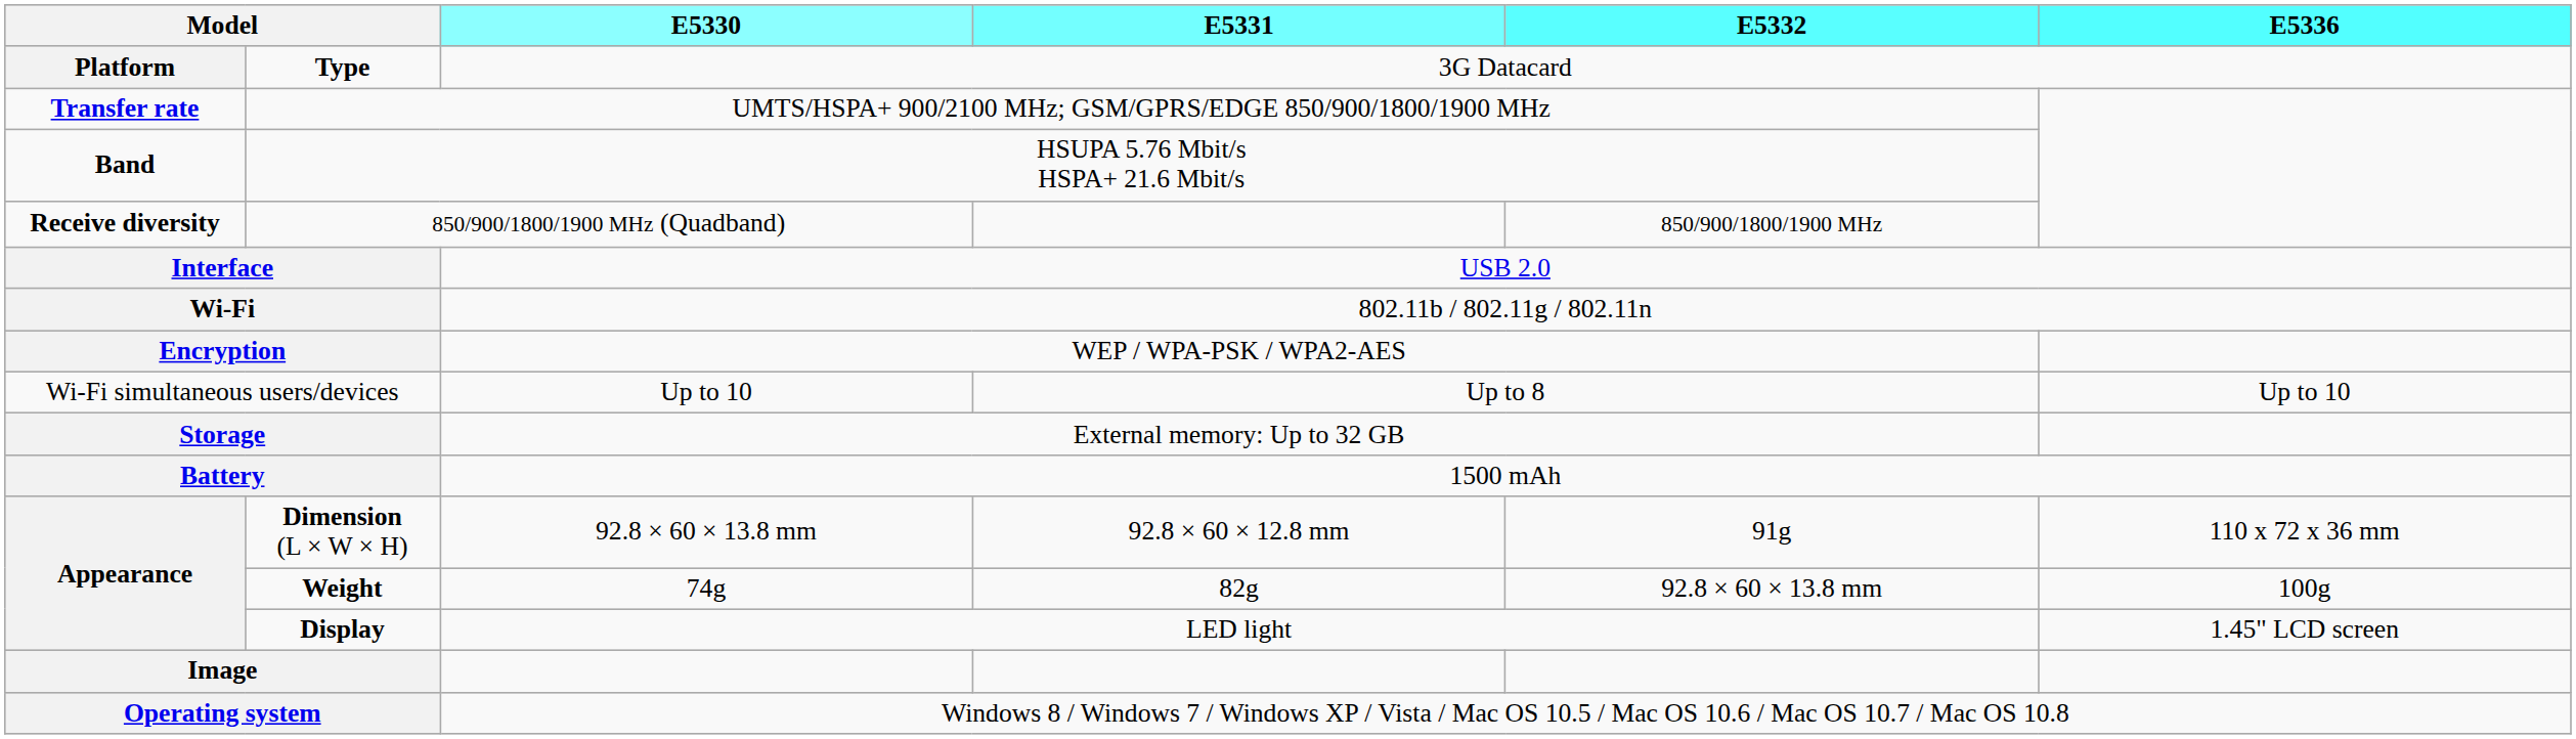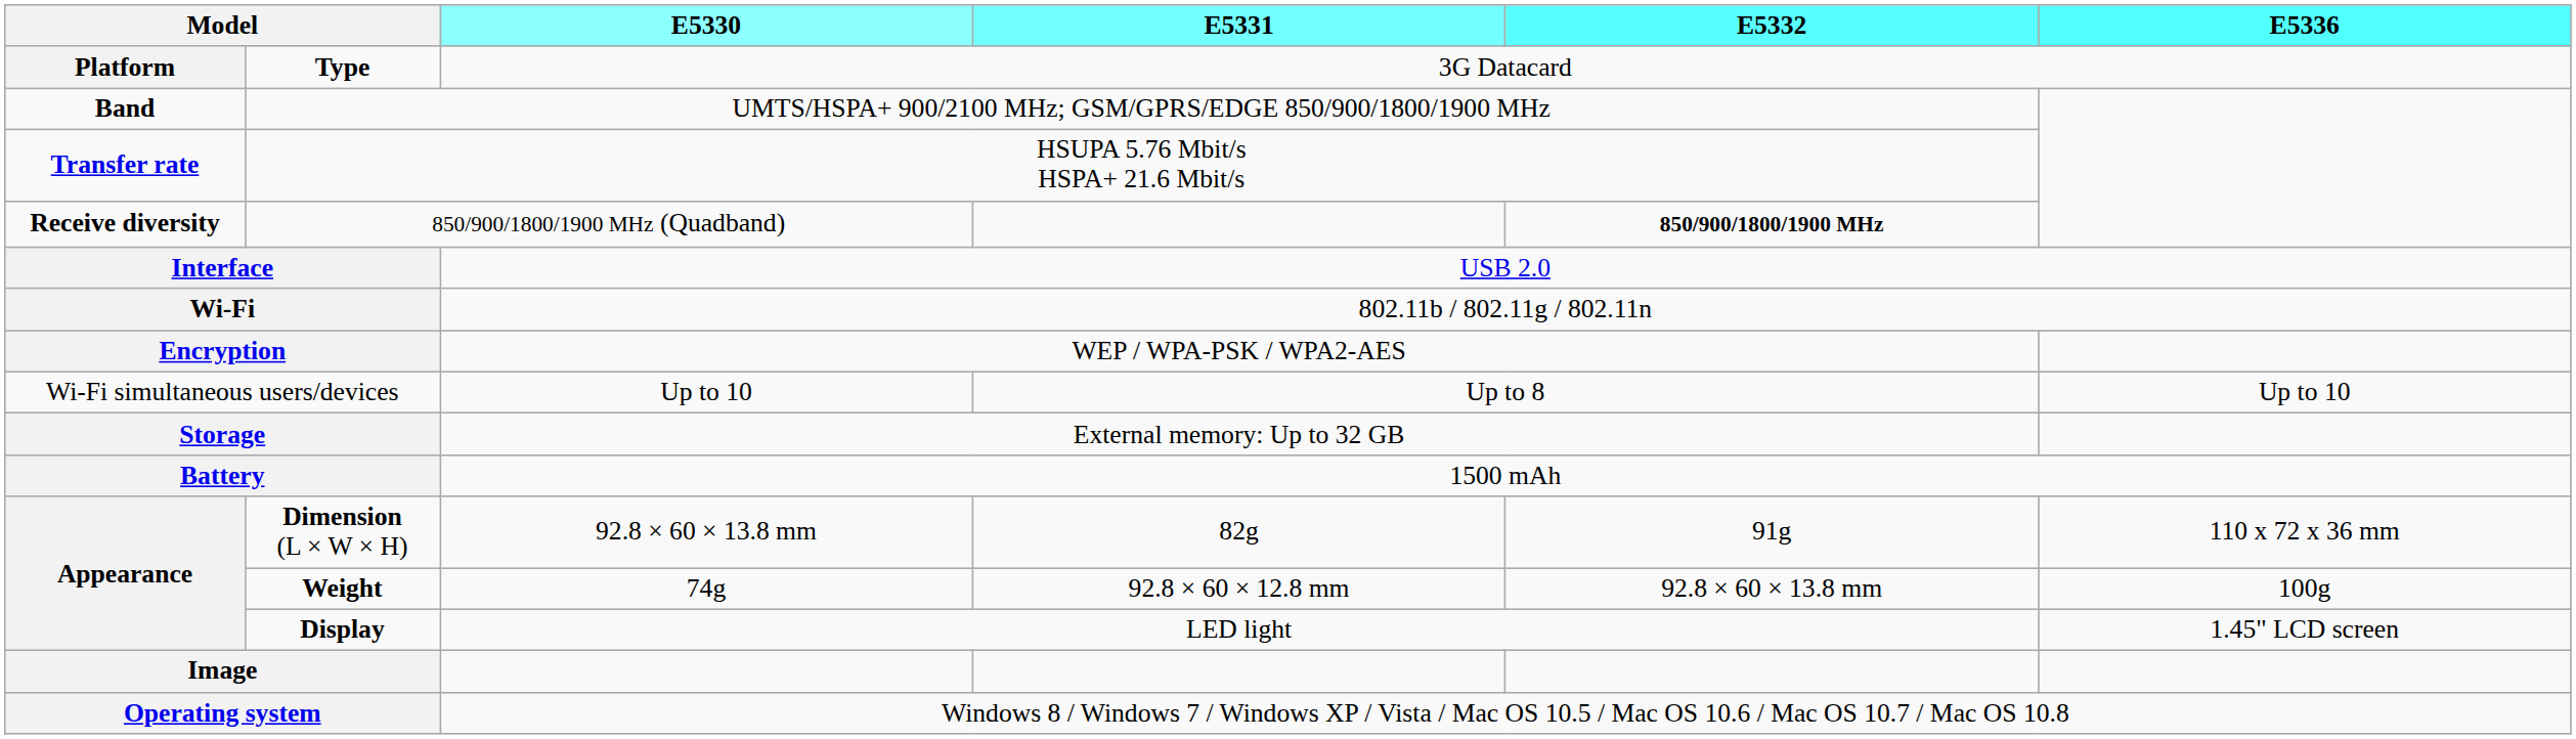 <table class="wikitable" style="text-align:center">
 <tr>
 <th style="width:10%;background:#silver;" colspan="2">Model</th>
 <th style="width:13%;background:rgb(55%,100%,100%);">E5330</th>
 <th style="width:13%;background:rgb(45%,100%,100%);">E5331</th>
 <th style="width:13%;background:rgb(35%,100%,100%);">E5332</th>
 <th style="width:13%;background:rgb(32%,100%,100%);">E5336</th>
 </tr>
 <tr>
 <th>Platform</th>
 <td><strong>Type</strong></td>
 <td colspan="4">3G Datacard</td>
 </tr>
 <tr>
-<td><strong><a href='#'>Transfer rate</a></strong></td>
+<td><strong>Band</strong></td>
 <td colspan="4">UMTS/HSPA+ 900/2100 MHz; GSM/GPRS/EDGE 850/900/1800/1900 MHz</td>
 </tr>
 <tr>
-<td><strong>Band</strong></td>
+<td><strong><a href='#'>Transfer rate</a></strong></td>
 <td colspan="4">HSUPA 5.76 Mbit/s<br>HSPA+ 21.6 Mbit/s</td>
 </tr>
 <tr>
 <td><strong>Receive diversity</strong></td>
 <td colspan="2"><small>850/900/1800/1900 MHz</small> (Quadband)</td>
 <td></td>
-<td><small>850/900/1800/1900 MHz</small>　</td>
+<td><strong><small>850/900/1800/1900 MHz</small>　</strong></td>
 </tr>
 <tr>
 <th colspan="2" ><a href='#'>Interface</a></th>
 <td colspan="4"><a href='#'>USB 2.0</a></td>
 </tr>
 <tr>
 <th colspan="2" >Wi-Fi</th>
 <td colspan="4">802.11b / 802.11g / 802.11n</td>
 </tr>
 <tr>
 <th colspan="2" ><a href='#'>Encryption</a></th>
 <td colspan="3">WEP / WPA-PSK / WPA2-AES</td>
 <td></td>
 </tr>
 <tr>
 <td colspan="2" >Wi-Fi simultaneous users/devices</td>
 <td>Up to 10</td>
 <td colspan="2">Up to 8</td>
 <td>Up to 10</td>
 </tr>
 <tr>
 <th colspan="2" ><a href='#'>Storage</a></th>
 <td colspan=3>External memory: Up to 32 GB</td>
 <td></td>
 </tr>
 <tr>
 <th colspan="2" ><a href='#'>Battery</a></th>
 <td colspan="4">1500 mAh</td>
 </tr>
 <tr>
 <th rowspan="3" >Appearance</th>
 <td><strong>Dimension</strong><br>(L × W × H)</td>
 <td>92.8 × 60 × 13.8 mm</td>
-<td>92.8 × 60 × 12.8 mm</td>
+<td>82g</td>
 <td>91g</td>
 <td>110 x 72 x 36 mm</td>
 </tr>
 <tr>
 <td><strong>Weight</strong></td>
 <td>74g</td>
-<td>82g</td>
+<td>92.8 × 60 × 12.8 mm</td>
 <td>92.8 × 60 × 13.8 mm</td>
 <td>100g</td>
 </tr>
 <tr>
 <td><strong>Display</strong></td>
 <td colspan="3">LED light</td>
 <td>1.45" LCD screen</td>
 </tr>
 <tr>
 <th colspan="2" >Image</th>
 <td></td>
 <td></td>
 <td></td>
 <td></td>
 </tr>
 <tr>
 <th colspan="2" ><a href='#'>Operating system</a></th>
 <td colspan="4">Windows 8 / Windows 7 / Windows XP / Vista / Mac OS 10.5 / Mac OS 10.6 / Mac OS 10.7 / Mac OS 10.8</td>
 </tr>
 </table>
